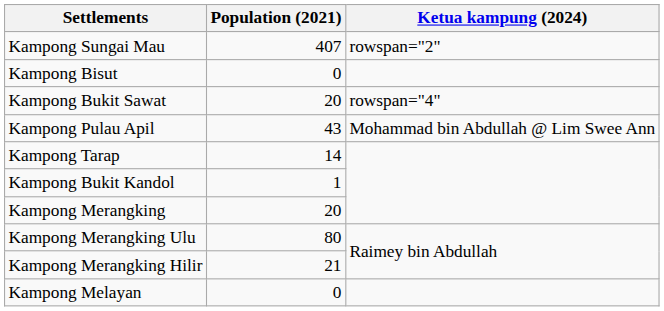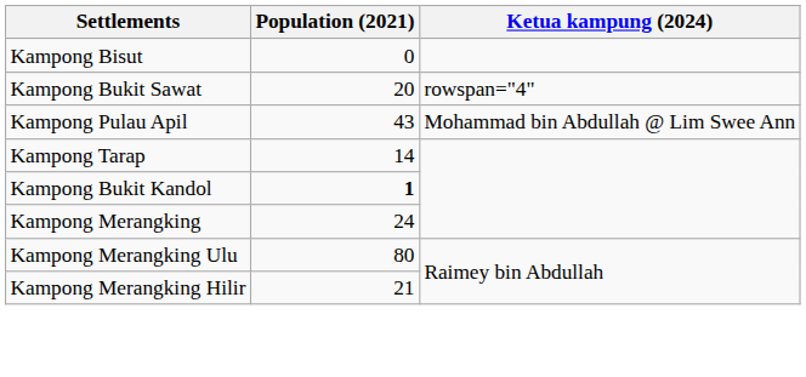 <table class="wikitable">
 <tr>
 <th>Settlements</th>
 <th>Population (2021)</th>
 <th><a href='#'>Ketua kampung</a> (2024)</th>
-</tr>
-<tr>
-<td>Kampong Sungai Mau</td>
-<td align="right">407</td>
-<td>rowspan="2" </td>
 </tr>
 <tr>
 <td>Kampong Bisut</td>
 <td align="right">0</td>
 </tr>
 <tr>
 <td>Kampong Bukit Sawat</td>
 <td align="right">20</td>
 <td>rowspan="4" </td>
 </tr>
 <tr>
 <td>Kampong Pulau Apil</td>
 <td align="right">43</td>
 <td>Mohammad bin Abdullah @ Lim Swee Ann</td>
 </tr>
 <tr>
 <td>Kampong Tarap</td>
 <td align="right">14</td>
 </tr>
 <tr>
 <td>Kampong Bukit Kandol</td>
-<td align="right">1</td>
+<td align="right"><strong>1</strong></td>
 </tr>
 <tr>
 <td>Kampong Merangking</td>
-<td align="right">20</td>
+<td align="right">24</td>
 </tr>
 <tr>
 <td>Kampong Merangking Ulu</td>
 <td align="right">80</td>
 <td rowspan="2">Raimey bin Abdullah</td>
 </tr>
 <tr>
 <td>Kampong Merangking Hilir</td>
 <td align="right">21</td>
 </tr>
-<tr>
-<td>Kampong Melayan</td>
-<td align="right">0</td>
-<td></td>
-</tr>
 </table>
